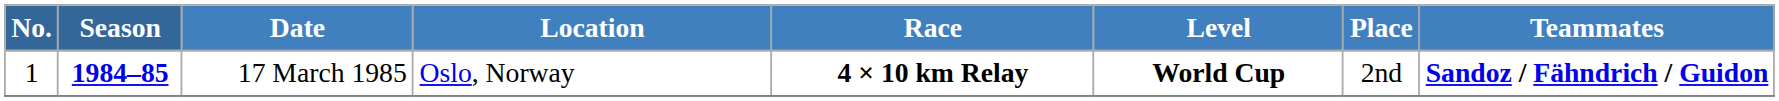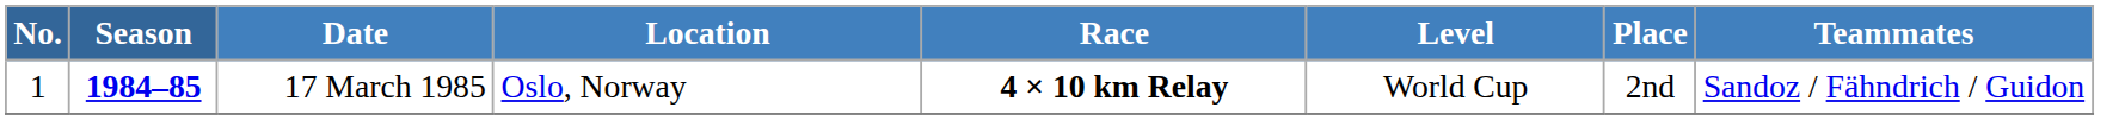 <table class="wikitable sortable" style="font-size:95%; text-align:center; border:grey solid 1px; border-collapse:collapse; background:#ffffff;">
 <tr style="background:#efefef;">
 <th style="background-color:#369; color:white;">No.</th>
 <th style="background-color:#369; color:white;">Season</th>
 <th style="background-color:#4180be; color:white; width:120px;">Date</th>
 <th style="background-color:#4180be; color:white; width:190px;">Location</th>
 <th style="background-color:#4180be; color:white; width:170px;">Race</th>
 <th style="background-color:#4180be; color:white; width:130px;">Level</th>
 <th style="background-color:#4180be; color:white;">Place</th>
 <th style="background-color:#4180be; color:white;">Teammates</th>
 </tr>
 <tr>
 <td align=center>1</td>
 <td rowspan=1 align=center><strong> <a href='#'>1984–85</a> </strong></td>
 <td align=right>17 March 1985</td>
 <td align=left> <a href='#'>Oslo</a>, Norway</td>
 <td><strong>4 × 10 km Relay</strong></td>
-<td><strong>World Cup</strong></td>
+<td>World Cup</td>
 <td>2nd</td>
-<td><strong><a href='#'>Sandoz</a> / <a href='#'>Fähndrich</a> / <a href='#'>Guidon</a></strong></td>
+<td><a href='#'>Sandoz</a> / <a href='#'>Fähndrich</a> / <a href='#'>Guidon</a></td>
 </tr>
 <tr>
 </tr>
 </table>
